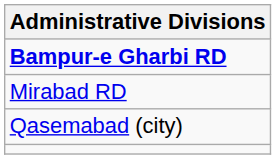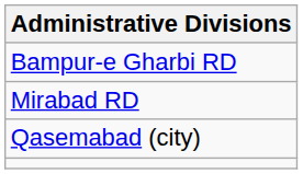 <table class="wikitable">
 <tr>
 <th>Administrative Divisions</th>
 </tr>
 <tr>
-<td><strong><a href='#'>Bampur-e Gharbi RD</a></strong></td>
+<td><a href='#'>Bampur-e Gharbi RD</a></td>
 </tr>
 <tr>
 <td><a href='#'>Mirabad RD</a></td>
 </tr>
 <tr>
 <td><a href='#'>Qasemabad</a> (city)</td>
 </tr>
 <tr>
 <td colspan=1></td>
 </tr>
 </table>
